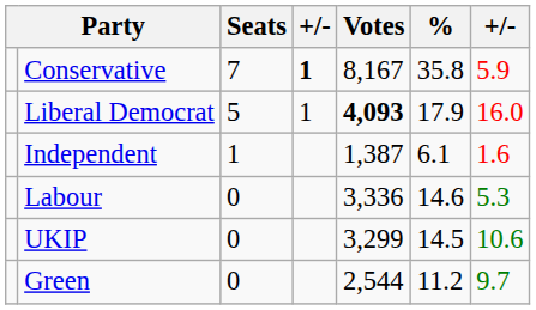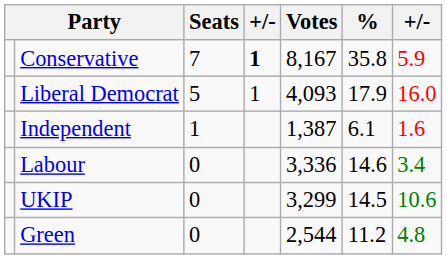 <table class="wikitable sortable">
 <tr>
 <th colspan="2">Party</th>
 <th>Seats</th>
 <th>+/-</th>
 <th>Votes</th>
 <th>%</th>
 <th>+/-</th>
 </tr>
 <tr>
 <td style="background-color: "></td>
 <td><a href='#'>Conservative</a></td>
 <td>7</td>
 <td><strong> 1</strong></td>
 <td>8,167</td>
 <td>35.8</td>
 <td style="color:red">5.9</td>
 </tr>
 <tr>
 <td style="background-color: "></td>
 <td><a href='#'>Liberal Democrat</a></td>
 <td>5</td>
 <td> 1</td>
-<td><strong>4,093</strong></td>
+<td>4,093</td>
 <td>17.9</td>
 <td style="color:red">16.0</td>
 </tr>
 <tr>
 <td style="background-color: "></td>
 <td><a href='#'>Independent</a></td>
 <td>1</td>
 <td></td>
 <td>1,387</td>
 <td>6.1</td>
 <td style="color:red">1.6</td>
 </tr>
 <tr>
 <td style="background-color: "></td>
 <td><a href='#'>Labour</a></td>
 <td>0</td>
 <td></td>
 <td>3,336</td>
 <td>14.6</td>
-<td style="color:green">5.3</td>
+<td style="color:green">3.4</td>
 </tr>
 <tr>
 <td style="background-color: "></td>
 <td><a href='#'>UKIP</a></td>
 <td>0</td>
 <td></td>
 <td>3,299</td>
 <td>14.5</td>
 <td style="color:green">10.6</td>
 </tr>
 <tr>
 <td style="background-color: "></td>
 <td><a href='#'>Green</a></td>
 <td>0</td>
 <td></td>
 <td>2,544</td>
 <td>11.2</td>
-<td style="color:green">9.7</td>
+<td style="color:green">4.8</td>
 </tr>
 </table>
